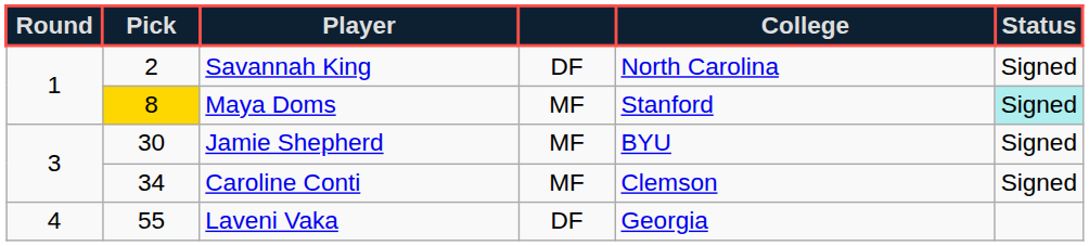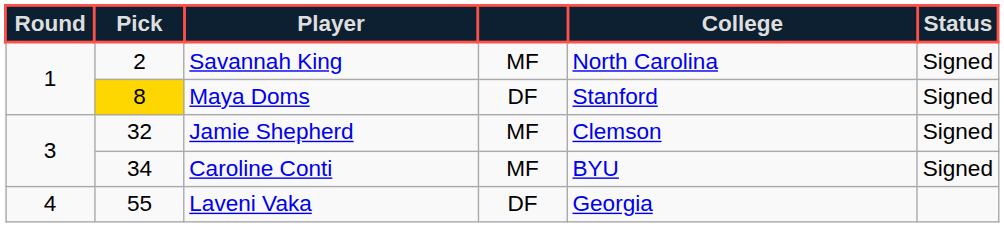 <table class="wikitable" style="text-align:left;">
 <tr>
 <th style="background:#0C2032; color:#DFDEDE; border:2px solid #FF5049; width:55px;">Round</th>
 <th style="background:#0C2032; color:#DFDEDE; border:2px solid #FF5049; width:55px;">Pick</th>
 <th style="background:#0C2032; color:#DFDEDE; border:2px solid #FF5049; width:200px;">Player</th>
 <th style="background:#0C2032; color:#DFDEDE; border:2px solid #FF5049; width:55px;"></th>
 <th style="background:#0C2032; color:#DFDEDE; border:2px solid #FF5049; width:240px;">College</th>
 <th style="background:#0C2032; color:#DFDEDE; border:2px solid #FF5049;">Status</th>
 </tr>
 <tr>
 <td rowspan="2" align="center">1</td>
 <td align="center">2</td>
 <td> <a href='#'>Savannah King</a></td>
-<td align="center">DF</td>
+<td align="center">MF</td>
 <td><a href='#'>North Carolina</a></td>
 <td>Signed</td>
 </tr>
 <tr>
 <td align="center" style="background: gold;">8</td>
 <td> <a href='#'>Maya Doms</a></td>
-<td align="center">MF</td>
+<td align="center">DF</td>
 <td><a href='#'>Stanford</a></td>
-<td style="background: paleturquoise;">Signed</td>
+<td>Signed</td>
 </tr>
 <tr>
 <td rowspan="2" align="center">3</td>
-<td align="center">30</td>
+<td align="center">32</td>
 <td> <a href='#'>Jamie Shepherd</a></td>
 <td align="center">MF</td>
-<td><a href='#'>BYU</a></td>
+<td><a href='#'>Clemson</a></td>
 <td>Signed</td>
 </tr>
 <tr>
 <td align="center">34</td>
 <td> <a href='#'>Caroline Conti</a></td>
 <td align="center">MF</td>
-<td><a href='#'>Clemson</a></td>
+<td><a href='#'>BYU</a></td>
 <td>Signed</td>
 </tr>
 <tr>
 <td align="center">4</td>
 <td align="center">55</td>
 <td> <a href='#'>Laveni Vaka</a></td>
 <td align="center">DF</td>
 <td><a href='#'>Georgia</a></td>
 <td></td>
 </tr>
 </table>
